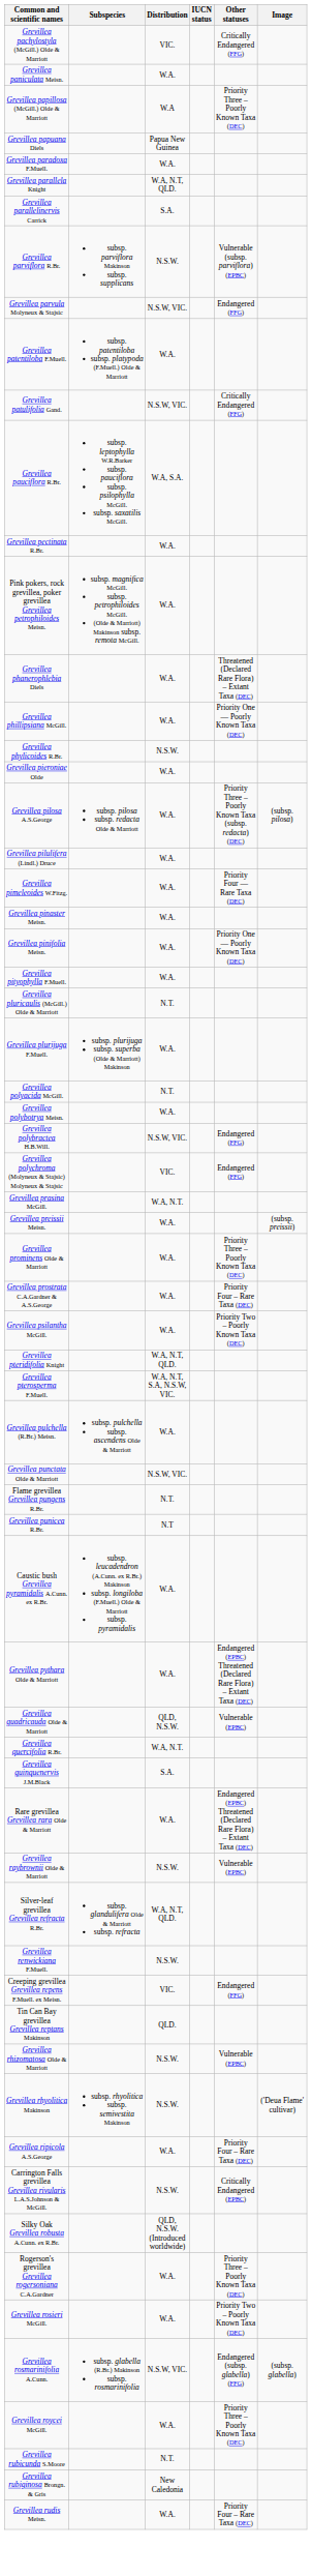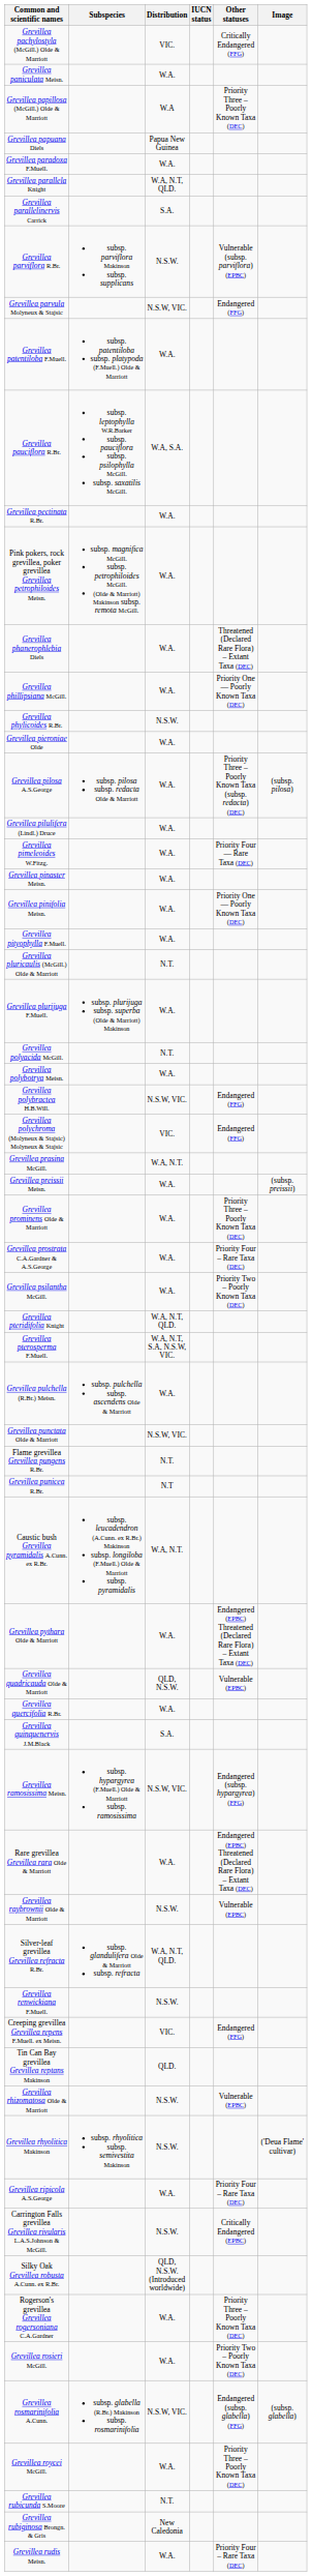 <table class="wikitable mw-collapsible wikitable_hidable" style="width:100%;text-align:center">
 <tr>
 <th style=width:200px>Common and scientific names </th>
 <th style=width:200px>Subspecies </th>
 <th style=width:50px>Distribution </th>
 <th style=width:50px>IUCN status </th>
 <th style=width:100px>Other statuses </th>
 <th style=width:200px>Image</th>
 </tr>
 <tr>
 <td><em><a href='#'>Grevillea pachylostyla</a></em> <small>(McGill.) Olde & Marriott</small></td>
 <td></td>
 <td>VIC.</td>
 <td></td>
 <td>Critically Endangered <small>(<a href='#'>FFG</a>)</small></td>
 <td></td>
 </tr>
 <tr>
 <td><em><a href='#'>Grevillea paniculata</a></em> <small>Meisn.</small></td>
 <td></td>
 <td>W.A.</td>
 <td></td>
 <td></td>
 <td></td>
 </tr>
 <tr>
 <td><em><a href='#'>Grevillea papillosa</a></em> <small>(McGill.) Olde & Marriott</small></td>
 <td></td>
 <td>W.A</td>
 <td></td>
 <td>Priority Three – Poorly Known Taxa <small>(<a href='#'>DEC</a>)</small></td>
 <td></td>
 </tr>
 <tr>
 <td><em><a href='#'>Grevillea papuana</a></em> <small>Diels</small></td>
 <td></td>
 <td>Papua New Guinea</td>
 <td></td>
 <td></td>
 <td></td>
 </tr>
 <tr>
 <td><em><a href='#'>Grevillea paradoxa</a></em> <small>F.Muell.</small></td>
 <td></td>
 <td>W.A.</td>
 <td></td>
 <td></td>
 <td></td>
 </tr>
 <tr>
 <td><em><a href='#'>Grevillea parallela</a></em> <small>Knight</small></td>
 <td></td>
 <td>W.A, N.T, QLD.</td>
 <td></td>
 <td></td>
 <td></td>
 </tr>
 <tr>
 <td><em><a href='#'>Grevillea parallelinervis</a></em> <small>Carrick</small></td>
 <td></td>
 <td>S.A.</td>
 <td></td>
 <td></td>
 <td></td>
 </tr>
 <tr>
 <td><em><a href='#'>Grevillea parviflora</a></em> <small>R.Br.</small></td>
 <td><br><ul><li>subsp. <em>parviflora</em> <small>Makinson</small></li><li>subsp. <em>supplicans</em></li></ul></td>
 <td>N.S.W.</td>
 <td></td>
 <td>Vulnerable (subsp. <em>parviflora</em>) <small>(<a href='#'>EPBC</a>)</small></td>
 <td></td>
 </tr>
 <tr>
 <td><em><a href='#'>Grevillea parvula</a></em> <small>Molyneux & Stajsic</small></td>
 <td></td>
 <td>N.S.W, VIC.</td>
 <td></td>
 <td>Endangered <small>(<a href='#'>FFG</a>)</small></td>
 <td></td>
 </tr>
 <tr>
 <td><em><a href='#'>Grevillea patentiloba</a></em> <small>F.Muell.</small></td>
 <td><br><ul><li>subsp. <em>patentiloba</em></li><li>subsp. <em>platypoda</em> <small>(F.Muell.) Olde & Marriott</small></li></ul></td>
 <td>W.A.</td>
 <td></td>
 <td></td>
-<td></td>
-</tr>
-<tr>
-<td><em><a href='#'>Grevillea patulifolia</a></em> <small>Gand.</small></td>
-<td></td>
-<td>N.S.W, VIC.</td>
-<td></td>
-<td>Critically Endangered <small>(<a href='#'>FFG</a>)</small></td>
 <td></td>
 </tr>
 <tr>
 <td><em><a href='#'>Grevillea pauciflora</a></em> <small>R.Br.</small></td>
 <td><br><ul><li>subsp. <em>leptophylla</em> <small>W.R.Barker</small></li><li>subsp. <em>pauciflora</em></li><li>subsp. <em>psilophylla</em> <small>McGill.</small></li><li>subsp. <em>saxatilis</em> <small>McGill.</small></li></ul></td>
 <td>W.A, S.A.</td>
 <td></td>
 <td></td>
 <td></td>
 </tr>
 <tr>
 <td><em><a href='#'>Grevillea pectinata</a></em> <small>R.Br.</small></td>
 <td></td>
 <td>W.A.</td>
 <td></td>
 <td></td>
 <td></td>
 </tr>
 <tr>
 <td>Pink pokers, rock grevillea, poker grevillea<br><em><a href='#'>Grevillea petrophiloides</a></em> <small>Meisn.</small></td>
 <td><br><ul><li>subsp. <em>magnifica</em> <small>McGill.</small></li><li>subsp. <em>petrophiloides</em> <small>McGill.</small></li><li><small>(Olde & Marriott) Makinson</small> subsp. <em>remota</em> <small>McGill.</small></li></ul></td>
 <td>W.A.</td>
 <td></td>
 <td></td>
 <td></td>
 </tr>
 <tr>
 <td><em><a href='#'>Grevillea phanerophlebia</a></em> <small>Diels</small></td>
 <td></td>
 <td>W.A.</td>
 <td></td>
 <td>Threatened (Declared Rare Flora) – Extant Taxa <small>(<a href='#'>DEC</a>)</small></td>
 <td></td>
 </tr>
 <tr>
 <td><em><a href='#'>Grevillea phillipsiana</a></em> <small>McGill.</small></td>
 <td></td>
 <td>W.A.</td>
 <td></td>
 <td>Priority One — Poorly Known Taxa <small>(<a href='#'>DEC</a>)</small></td>
 <td></td>
 </tr>
 <tr>
 <td><em><a href='#'>Grevillea phylicoides</a></em> <small>R.Br.</small></td>
 <td></td>
 <td>N.S.W.</td>
 <td></td>
 <td></td>
 <td></td>
 </tr>
 <tr>
 <td><em><a href='#'>Grevillea pieroniae</a></em> <small>Olde</small></td>
 <td></td>
 <td>W.A.</td>
 <td></td>
 <td></td>
 <td></td>
 </tr>
 <tr>
 <td><em><a href='#'>Grevillea pilosa</a></em> <small>A.S.George</small></td>
 <td><br><ul><li>subsp. <em>pilosa</em></li><li>subsp. <em>redacta</em> <small>Olde & Marriott</small></li></ul></td>
 <td>W.A.</td>
 <td></td>
 <td>Priority Three – Poorly Known Taxa (subsp. <em>redacta</em>) <small>(<a href='#'>DEC</a>)</small></td>
 <td> (subsp. <em>pilosa</em>)</td>
 </tr>
 <tr>
 <td><em><a href='#'>Grevillea pilulifera</a></em> <small>(Lindl.) Druce</small></td>
 <td></td>
 <td>W.A.</td>
 <td></td>
 <td></td>
 <td></td>
 </tr>
 <tr>
 <td><em><a href='#'>Grevillea pimeleoides</a></em> <small>W.Fitzg.</small></td>
 <td></td>
 <td>W.A.</td>
 <td></td>
 <td>Priority Four — Rare Taxa <small>(<a href='#'>DEC</a>)</small></td>
 <td></td>
 </tr>
 <tr>
 <td><em><a href='#'>Grevillea pinaster</a></em> <small>Meisn.</small></td>
 <td></td>
 <td>W.A.</td>
 <td></td>
 <td></td>
 <td></td>
 </tr>
 <tr>
 <td><em><a href='#'>Grevillea pinifolia</a></em> <small>Meisn.</small></td>
 <td></td>
 <td>W.A.</td>
 <td></td>
 <td>Priority One — Poorly Known Taxa <small>(<a href='#'>DEC</a>)</small></td>
 <td></td>
 </tr>
 <tr>
 <td><em><a href='#'>Grevillea pityophylla</a></em> <small>F.Muell.</small></td>
 <td></td>
 <td>W.A.</td>
 <td></td>
 <td></td>
 <td></td>
 </tr>
 <tr>
 <td><em><a href='#'>Grevillea pluricaulis</a></em> <small>(McGill.) Olde & Marriott</small></td>
 <td></td>
 <td>N.T.</td>
 <td></td>
 <td></td>
 <td></td>
 </tr>
 <tr>
 <td><em><a href='#'>Grevillea plurijuga</a></em> <small>F.Muell.</small></td>
 <td><br><ul><li>subsp. <em>plurijuga</em></li><li>subsp. <em>superba</em> <small>(Olde & Marriott) Makinson</small></li></ul></td>
 <td>W.A.</td>
 <td></td>
 <td></td>
 <td></td>
 </tr>
 <tr>
 <td><em><a href='#'>Grevillea polyacida</a></em> <small>McGill.</small></td>
 <td></td>
 <td>N.T.</td>
 <td></td>
 <td></td>
 <td></td>
 </tr>
 <tr>
 <td><em><a href='#'>Grevillea polybotrya</a></em> <small>Meisn.</small></td>
 <td></td>
 <td>W.A.</td>
 <td></td>
 <td></td>
 <td></td>
 </tr>
 <tr>
 <td><em><a href='#'>Grevillea polybractea</a></em> <small>H.B.Will.</small></td>
 <td></td>
 <td>N.S.W, VIC.</td>
 <td></td>
 <td>Endangered <small>(<a href='#'>FFG</a>)</small></td>
 <td></td>
 </tr>
 <tr>
 <td><em><a href='#'>Grevillea polychroma</a></em> <small>(Molyneux & Stajsic) Molyneux & Stajsic</small></td>
 <td></td>
 <td>VIC.</td>
 <td></td>
 <td>Endangered <small>(<a href='#'>FFG</a>)</small></td>
 <td></td>
 </tr>
 <tr>
 <td><em><a href='#'>Grevillea prasina</a></em> <small>McGill.</small></td>
 <td></td>
 <td>W.A, N.T.</td>
 <td></td>
 <td></td>
 <td></td>
 </tr>
 <tr>
 <td><em><a href='#'>Grevillea preissii</a></em> <small>Meisn.</small></td>
 <td></td>
 <td>W.A.</td>
 <td></td>
 <td></td>
 <td> (subsp. <em>preissii</em>)</td>
 </tr>
 <tr>
 <td><em><a href='#'>Grevillea prominens</a></em> <small>Olde & Marriott</small></td>
 <td></td>
 <td>W.A.</td>
 <td></td>
 <td>Priority Three – Poorly Known Taxa <small>(<a href='#'>DEC</a>)</small></td>
 <td></td>
 </tr>
 <tr>
 <td><em><a href='#'>Grevillea prostrata</a></em> <small>C.A.Gardner & A.S.George</small></td>
 <td></td>
 <td>W.A.</td>
 <td></td>
 <td>Priority Four – Rare Taxa <small>(<a href='#'>DEC</a>)</small></td>
 <td></td>
 </tr>
 <tr>
 <td><em><a href='#'>Grevillea psilantha</a></em> <small>McGill.</small></td>
 <td></td>
 <td>W.A.</td>
 <td></td>
 <td>Priority Two – Poorly Known Taxa <small>(<a href='#'>DEC</a>)</small></td>
 <td></td>
 </tr>
 <tr>
 <td><em><a href='#'>Grevillea pteridifolia</a></em> <small>Knight</small></td>
 <td></td>
 <td>W.A, N.T, QLD.</td>
 <td></td>
 <td></td>
 <td></td>
 </tr>
 <tr>
 <td><em><a href='#'>Grevillea pterosperma</a></em> <small>F.Muell.</small></td>
 <td></td>
 <td>W.A, N.T, S.A, N.S.W, VIC.</td>
 <td></td>
 <td></td>
 <td></td>
 </tr>
 <tr>
 <td><em><a href='#'>Grevillea pulchella</a></em> <small>(R.Br.) Meisn.</small></td>
 <td><br><ul><li>subsp. <em>pulchella</em></li><li>subsp. <em>ascendens</em> <small>Olde & Marriott</small></li></ul></td>
 <td>W.A.</td>
 <td></td>
 <td></td>
 <td></td>
 </tr>
 <tr>
 <td><em><a href='#'>Grevillea punctata</a></em> <small>Olde & Marriott</small></td>
 <td></td>
 <td>N.S.W, VIC.</td>
 <td></td>
 <td></td>
 <td></td>
 </tr>
 <tr>
 <td>Flame grevillea<br><em><a href='#'>Grevillea pungens</a></em> <small>R.Br.</small></td>
 <td></td>
 <td>N.T.</td>
 <td></td>
 <td></td>
 <td></td>
 </tr>
 <tr>
 <td><em><a href='#'>Grevillea punicea</a></em> <small>R.Br.</small></td>
 <td></td>
 <td>N.T</td>
 <td></td>
 <td></td>
 <td></td>
 </tr>
 <tr>
 <td>Caustic bush<br><em><a href='#'>Grevillea pyramidalis</a></em> <small>A.Cunn. ex R.Br.</small></td>
 <td><br><ul><li>subsp. <em>leucadendron</em> <small>(A.Cunn. ex R.Br.) Makinson</small></li><li>subsp. <em>longiloba</em> <small>(F.Muell.) Olde & Marriott</small></li><li>subsp. <em>pyramidalis</em></li></ul></td>
-<td>W.A.</td>
+<td>W.A, N.T.</td>
 <td></td>
 <td></td>
 <td></td>
 </tr>
 <tr>
 <td><em><a href='#'>Grevillea pythara</a></em> <small>Olde & Marriott</small></td>
 <td></td>
 <td>W.A.</td>
 <td></td>
 <td>Endangered <small>(<a href='#'>EPBC</a>)</small><br>Threatened (Declared Rare Flora) – Extant Taxa <small>(<a href='#'>DEC</a>)</small></td>
 <td></td>
 </tr>
 <tr>
 <td><em><a href='#'>Grevillea quadricauda</a></em> <small>Olde & Marriott</small></td>
 <td></td>
 <td>QLD, N.S.W.</td>
 <td></td>
 <td>Vulnerable <small>(<a href='#'>EPBC</a>)</small></td>
 <td></td>
 </tr>
 <tr>
 <td><em><a href='#'>Grevillea quercifolia</a></em> <small>R.Br.</small></td>
 <td></td>
-<td>W.A, N.T.</td>
+<td>W.A.</td>
 <td></td>
 <td></td>
 <td></td>
 </tr>
 <tr>
 <td><em><a href='#'>Grevillea quinquenervis</a></em> <small>J.M.Black</small></td>
 <td></td>
 <td>S.A.</td>
 <td></td>
 <td></td>
+<td></td>
+</tr>
+<tr>
+<td><em><a href='#'>Grevillea ramosissima</a></em> <small>Meisn.</small></td>
+<td><br><ul><li>subsp. <em>hypargyrea</em> <small>(F.Muell.) Olde & Marriott</small></li><li>subsp. <em>ramosissima</em></li></ul></td>
+<td>N.S.W, VIC.</td>
+<td></td>
+<td>Endangered (subsp. <em>hypargyrea</em>) <small>(<a href='#'>FFG</a>)</small></td>
 <td></td>
 </tr>
 <tr>
 <td>Rare grevillea<br><em><a href='#'>Grevillea rara</a></em> <small>Olde & Marriott</small></td>
 <td></td>
 <td>W.A.</td>
 <td></td>
 <td>Endangered <small>(<a href='#'>EPBC</a>)</small><br>Threatened (Declared Rare Flora) – Extant Taxa <small>(<a href='#'>DEC</a>)</small></td>
 <td></td>
 </tr>
 <tr>
 <td><em><a href='#'>Grevillea raybrownii</a></em> <small>Olde & Marriott</small></td>
 <td></td>
 <td>N.S.W.</td>
 <td></td>
 <td>Vulnerable <small>(<a href='#'>EPBC</a>)</small></td>
 <td></td>
 </tr>
 <tr>
 <td>Silver-leaf grevillea<br><em><a href='#'>Grevillea refracta</a></em> <small>R.Br.</small></td>
 <td><br><ul><li>subsp. <em>glandulifera</em> <small>Olde & Marriott</small></li><li>subsp. <em>refracta</em></li></ul></td>
 <td>W.A, N.T, QLD.</td>
 <td></td>
 <td></td>
 <td></td>
 </tr>
 <tr>
 <td><em><a href='#'>Grevillea renwickiana</a></em> <small>F.Muell.</small></td>
 <td></td>
 <td>N.S.W.</td>
 <td></td>
 <td></td>
 <td></td>
 </tr>
 <tr>
 <td>Creeping grevillea<br><em><a href='#'>Grevillea repens</a></em> <small>F.Muell. ex Meisn.</small></td>
 <td></td>
 <td>VIC.</td>
 <td></td>
 <td>Endangered <small>(<a href='#'>FFG</a>)</small></td>
 <td></td>
 </tr>
 <tr>
 <td>Tin Can Bay grevillea<br><em><a href='#'>Grevillea reptans</a></em> <small>Makinson</small></td>
 <td></td>
 <td>QLD.</td>
 <td></td>
 <td></td>
 <td></td>
 </tr>
 <tr>
 <td><em><a href='#'>Grevillea rhizomatosa</a></em> <small>Olde & Marriott</small></td>
 <td></td>
 <td>N.S.W.</td>
 <td></td>
 <td>Vulnerable <small>(<a href='#'>EPBC</a>)</small></td>
 <td></td>
 </tr>
 <tr>
 <td><em><a href='#'>Grevillea rhyolitica</a></em> <small>Makinson</small></td>
 <td><br><ul><li>subsp. <em>rhyolitica</em></li><li>subsp. <em>semivestita</em> <small>Makinson</small></li></ul></td>
 <td>N.S.W.</td>
 <td></td>
 <td></td>
 <td> ('Deua Flame' cultivar)</td>
 </tr>
 <tr>
 <td><em><a href='#'>Grevillea ripicola</a></em> <small>A.S.George</small></td>
 <td></td>
 <td>W.A.</td>
 <td></td>
 <td>Priority Four – Rare Taxa <small>(<a href='#'>DEC</a>)</small></td>
 <td></td>
 </tr>
 <tr>
 <td>Carrington Falls grevillea<br><em><a href='#'>Grevillea rivularis</a></em> <small>L.A.S.Johnson & McGill.</small></td>
 <td></td>
 <td>N.S.W.</td>
 <td></td>
 <td>Critically Endangered <small>(<a href='#'>EPBC</a>)</small></td>
 <td></td>
 </tr>
 <tr>
 <td>Silky Oak<br><em><a href='#'>Grevillea robusta</a></em> <small>A.Cunn. ex R.Br.</small></td>
 <td></td>
 <td>QLD, N.S.W. (Introduced worldwide)</td>
 <td></td>
 <td></td>
 <td></td>
 </tr>
 <tr>
 <td>Rogerson's grevillea<br><em><a href='#'>Grevillea rogersoniana</a></em> <small>C.A.Gardner</small></td>
 <td></td>
 <td>W.A.</td>
 <td></td>
 <td>Priority Three – Poorly Known Taxa <small>(<a href='#'>DEC</a>)</small></td>
 <td></td>
 </tr>
 <tr>
 <td><em><a href='#'>Grevillea rosieri</a></em> <small>McGill.</small></td>
 <td></td>
 <td>W.A.</td>
 <td></td>
 <td>Priority Two – Poorly Known Taxa <small>(<a href='#'>DEC</a>)</small></td>
 <td></td>
 </tr>
 <tr>
 <td><em><a href='#'>Grevillea rosmarinifolia</a></em> <small>A.Cunn.</small></td>
 <td><br><ul><li>subsp. <em>glabella</em> <small>(R.Br.) Makinson</small></li><li>subsp. <em>rosmarinifolia</em></li></ul></td>
 <td>N.S.W, VIC.</td>
 <td></td>
 <td>Endangered (subsp. <em>glabella</em>) <small>(<a href='#'>FFG</a>)</small></td>
 <td> (subsp. <em>glabella</em>)</td>
 </tr>
 <tr>
 <td><em><a href='#'>Grevillea roycei</a></em> <small>McGill.</small></td>
 <td></td>
 <td>W.A.</td>
 <td></td>
 <td>Priority Three – Poorly Known Taxa <small>(<a href='#'>DEC</a>)</small></td>
 <td></td>
 </tr>
 <tr>
 <td><em><a href='#'>Grevillea rubicunda</a></em> <small>S.Moore</small></td>
 <td></td>
 <td>N.T.</td>
 <td></td>
 <td></td>
 <td></td>
 </tr>
 <tr>
 <td><em><a href='#'>Grevillea rubiginosa</a></em> <small>Brongn. & Gris</small></td>
 <td></td>
 <td>New Caledonia</td>
 <td></td>
 <td></td>
 <td></td>
 </tr>
 <tr>
 <td><em><a href='#'>Grevillea rudis</a></em> <small>Meisn.</small></td>
 <td></td>
 <td>W.A.</td>
 <td></td>
 <td>Priority Four – Rare Taxa <small>(<a href='#'>DEC</a>)</small></td>
 <td></td>
 </tr>
 </table>
